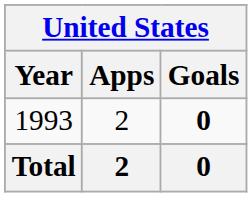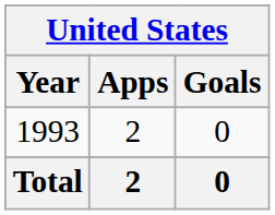 <table class="wikitable" style="text-align:center">
 <tr>
 <th colspan=3><a href='#'>United States</a></th>
 </tr>
 <tr>
 <th>Year</th>
 <th>Apps</th>
 <th>Goals</th>
 </tr>
 <tr>
 <td>1993</td>
 <td>2</td>
-<td><strong>0</strong></td>
+<td>0</td>
 </tr>
 <tr>
 <th>Total</th>
 <th>2</th>
 <th>0</th>
 </tr>
 </table>
